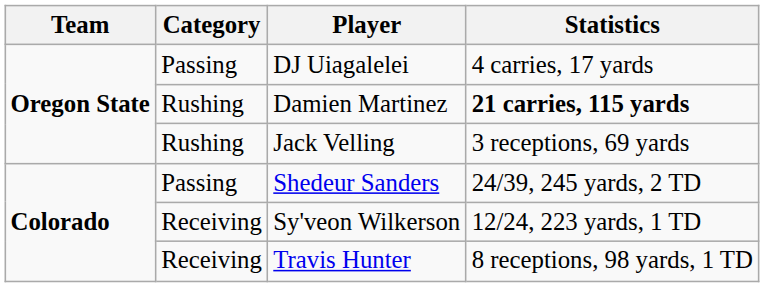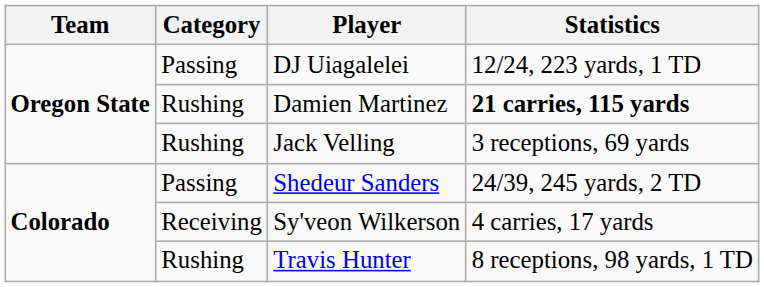 <table class="wikitable" style="float: right;">
 <tr>
 <th>Team</th>
 <th>Category</th>
 <th>Player</th>
 <th>Statistics</th>
 </tr>
 <tr>
 <td rowspan=3><strong>Oregon State</strong></td>
 <td>Passing</td>
 <td>DJ Uiagalelei</td>
-<td>4 carries, 17 yards</td>
+<td>12/24, 223 yards, 1 TD</td>
 </tr>
 <tr>
 <td>Rushing</td>
 <td>Damien Martinez</td>
 <td><strong>21 carries, 115 yards</strong></td>
 </tr>
 <tr>
 <td>Rushing</td>
 <td>Jack Velling</td>
 <td>3 receptions, 69 yards</td>
 </tr>
 <tr>
 <td rowspan=3><strong>Colorado</strong></td>
 <td>Passing</td>
 <td><a href='#'>Shedeur Sanders</a></td>
 <td>24/39, 245 yards, 2 TD</td>
 </tr>
 <tr>
 <td>Receiving</td>
 <td>Sy'veon Wilkerson</td>
-<td>12/24, 223 yards, 1 TD</td>
+<td>4 carries, 17 yards</td>
 </tr>
 <tr>
-<td>Receiving</td>
+<td>Rushing</td>
 <td><a href='#'>Travis Hunter</a></td>
 <td>8 receptions, 98 yards, 1 TD</td>
 </tr>
 </table>
